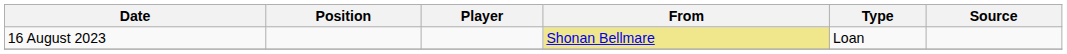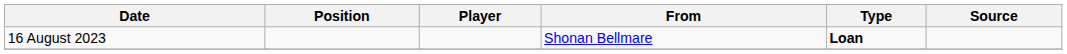 <table class="wikitable sortable" style="width:90%; text-align:center; font-size:95%; text-align:left;">
 <tr>
 <th>Date</th>
 <th>Position</th>
 <th>Player</th>
 <th>From</th>
 <th>Type</th>
 <th>Source</th>
 </tr>
 <tr>
 <td>16 August 2023</td>
 <td></td>
 <td></td>
-<td style="background: khaki;"> <a href='#'>Shonan Bellmare</a></td>
-<td>Loan</td>
+<td> <a href='#'>Shonan Bellmare</a></td>
+<td><strong>Loan</strong></td>
 <td></td>
 </tr>
 <tr>
 </tr>
 </table>
